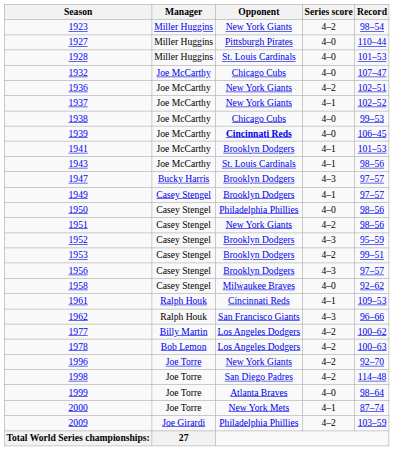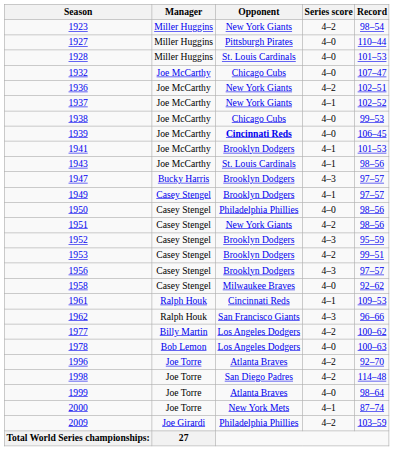 <table class="wikitable">
 <tr>
 <th>Season</th>
 <th>Manager</th>
 <th>Opponent</th>
 <th>Series score</th>
 <th>Record</th>
 </tr>
 <tr style="text-align:center;">
 <td><a href='#'>1923</a></td>
 <td><a href='#'>Miller Huggins</a></td>
 <td><a href='#'>New York Giants</a></td>
 <td>4–2</td>
 <td><a href='#'>98–54</a></td>
 </tr>
 <tr style="text-align:center;">
 <td><a href='#'>1927</a></td>
 <td>Miller Huggins</td>
 <td><a href='#'>Pittsburgh Pirates</a></td>
 <td>4–0</td>
 <td><a href='#'>110–44</a></td>
 </tr>
 <tr style="text-align:center;">
 <td><a href='#'>1928</a></td>
 <td>Miller Huggins</td>
 <td><a href='#'>St. Louis Cardinals</a></td>
 <td>4–0</td>
 <td><a href='#'>101–53</a></td>
 </tr>
 <tr style="text-align:center;">
 <td><a href='#'>1932</a></td>
 <td><a href='#'>Joe McCarthy</a></td>
 <td><a href='#'>Chicago Cubs</a></td>
 <td>4–0</td>
 <td><a href='#'>107–47</a></td>
 </tr>
 <tr style="text-align:center;">
 <td><a href='#'>1936</a></td>
 <td>Joe McCarthy</td>
 <td><a href='#'>New York Giants</a></td>
 <td>4–2</td>
 <td><a href='#'>102–51</a></td>
 </tr>
 <tr style="text-align:center;">
 <td><a href='#'>1937</a></td>
 <td>Joe McCarthy</td>
 <td><a href='#'>New York Giants</a></td>
 <td>4–1</td>
 <td><a href='#'>102–52</a></td>
 </tr>
 <tr style="text-align:center;">
 <td><a href='#'>1938</a></td>
 <td>Joe McCarthy</td>
 <td><a href='#'>Chicago Cubs</a></td>
 <td>4–0</td>
 <td><a href='#'>99–53</a></td>
 </tr>
 <tr style="text-align:center;">
 <td><a href='#'>1939</a></td>
 <td>Joe McCarthy</td>
 <td><strong><a href='#'>Cincinnati Reds</a></strong></td>
 <td>4–0</td>
 <td><a href='#'>106–45</a></td>
 </tr>
 <tr style="text-align:center;">
 <td><a href='#'>1941</a></td>
 <td>Joe McCarthy</td>
 <td><a href='#'>Brooklyn Dodgers</a></td>
 <td>4–1</td>
 <td><a href='#'>101–53</a></td>
 </tr>
 <tr style="text-align:center;">
 <td><a href='#'>1943</a></td>
 <td>Joe McCarthy</td>
 <td><a href='#'>St. Louis Cardinals</a></td>
 <td>4–1</td>
 <td><a href='#'>98–56</a></td>
 </tr>
 <tr style="text-align:center;">
 <td><a href='#'>1947</a></td>
 <td><a href='#'>Bucky Harris</a></td>
 <td><a href='#'>Brooklyn Dodgers</a></td>
 <td>4–3</td>
 <td><a href='#'>97–57</a></td>
 </tr>
 <tr style="text-align:center;">
 <td><a href='#'>1949</a></td>
 <td><a href='#'>Casey Stengel</a></td>
 <td><a href='#'>Brooklyn Dodgers</a></td>
 <td>4–1</td>
 <td><a href='#'>97–57</a></td>
 </tr>
 <tr style="text-align:center;">
 <td><a href='#'>1950</a></td>
 <td>Casey Stengel</td>
 <td><a href='#'>Philadelphia Phillies</a></td>
 <td>4–0</td>
 <td><a href='#'>98–56</a></td>
 </tr>
 <tr style="text-align:center;">
 <td><a href='#'>1951</a></td>
 <td>Casey Stengel</td>
 <td><a href='#'>New York Giants</a></td>
 <td>4–2</td>
 <td><a href='#'>98–56</a></td>
 </tr>
 <tr style="text-align:center;">
 <td><a href='#'>1952</a></td>
 <td>Casey Stengel</td>
 <td><a href='#'>Brooklyn Dodgers</a></td>
 <td>4–3</td>
 <td><a href='#'>95–59</a></td>
 </tr>
 <tr style="text-align:center;">
 <td><a href='#'>1953</a></td>
 <td>Casey Stengel</td>
 <td><a href='#'>Brooklyn Dodgers</a></td>
 <td>4–2</td>
 <td><a href='#'>99–51</a></td>
 </tr>
 <tr style="text-align:center;">
 <td><a href='#'>1956</a></td>
 <td>Casey Stengel</td>
 <td><a href='#'>Brooklyn Dodgers</a></td>
 <td>4–3</td>
 <td><a href='#'>97–57</a></td>
 </tr>
 <tr style="text-align:center;">
 <td><a href='#'>1958</a></td>
 <td>Casey Stengel</td>
 <td><a href='#'>Milwaukee Braves</a></td>
 <td>4–0</td>
 <td><a href='#'>92–62</a></td>
 </tr>
 <tr style="text-align:center;">
 <td><a href='#'>1961</a></td>
 <td><a href='#'>Ralph Houk</a></td>
 <td><a href='#'>Cincinnati Reds</a></td>
 <td>4–1</td>
 <td><a href='#'>109–53</a></td>
 </tr>
 <tr style="text-align:center;">
 <td><a href='#'>1962</a></td>
 <td>Ralph Houk</td>
 <td><a href='#'>San Francisco Giants</a></td>
 <td>4–3</td>
 <td><a href='#'>96–66</a></td>
 </tr>
 <tr style="text-align:center;">
 <td><a href='#'>1977</a></td>
 <td><a href='#'>Billy Martin</a></td>
 <td><a href='#'>Los Angeles Dodgers</a></td>
 <td>4–2</td>
 <td><a href='#'>100–62</a></td>
 </tr>
 <tr style="text-align:center;">
 <td><a href='#'>1978</a></td>
 <td><a href='#'>Bob Lemon</a></td>
 <td><a href='#'>Los Angeles Dodgers</a></td>
-<td>4–2</td>
+<td>4–0</td>
 <td><a href='#'>100–63</a></td>
 </tr>
 <tr style="text-align:center;">
 <td><a href='#'>1996</a></td>
 <td><a href='#'>Joe Torre</a></td>
-<td><a href='#'>New York Giants</a></td>
+<td><a href='#'>Atlanta Braves</a></td>
 <td>4–2</td>
 <td><a href='#'>92–70</a></td>
 </tr>
 <tr style="text-align:center;">
 <td><a href='#'>1998</a></td>
 <td>Joe Torre</td>
 <td><a href='#'>San Diego Padres</a></td>
 <td>4–2</td>
 <td><a href='#'>114–48</a></td>
 </tr>
 <tr style="text-align:center;">
 <td><a href='#'>1999</a></td>
 <td>Joe Torre</td>
 <td><a href='#'>Atlanta Braves</a></td>
 <td>4–0</td>
 <td><a href='#'>98–64</a></td>
 </tr>
 <tr style="text-align:center;">
 <td><a href='#'>2000</a></td>
 <td>Joe Torre</td>
 <td><a href='#'>New York Mets</a></td>
 <td>4–1</td>
 <td><a href='#'>87–74</a></td>
 </tr>
 <tr style="text-align:center;">
 <td><a href='#'>2009</a></td>
 <td><a href='#'>Joe Girardi</a></td>
 <td><a href='#'>Philadelphia Phillies</a></td>
 <td>4–2</td>
 <td><a href='#'>103–59</a></td>
 </tr>
 <tr style="text-align:center;">
 <th>Total World Series championships:</th>
 <th>27</th>
 </tr>
 </table>
